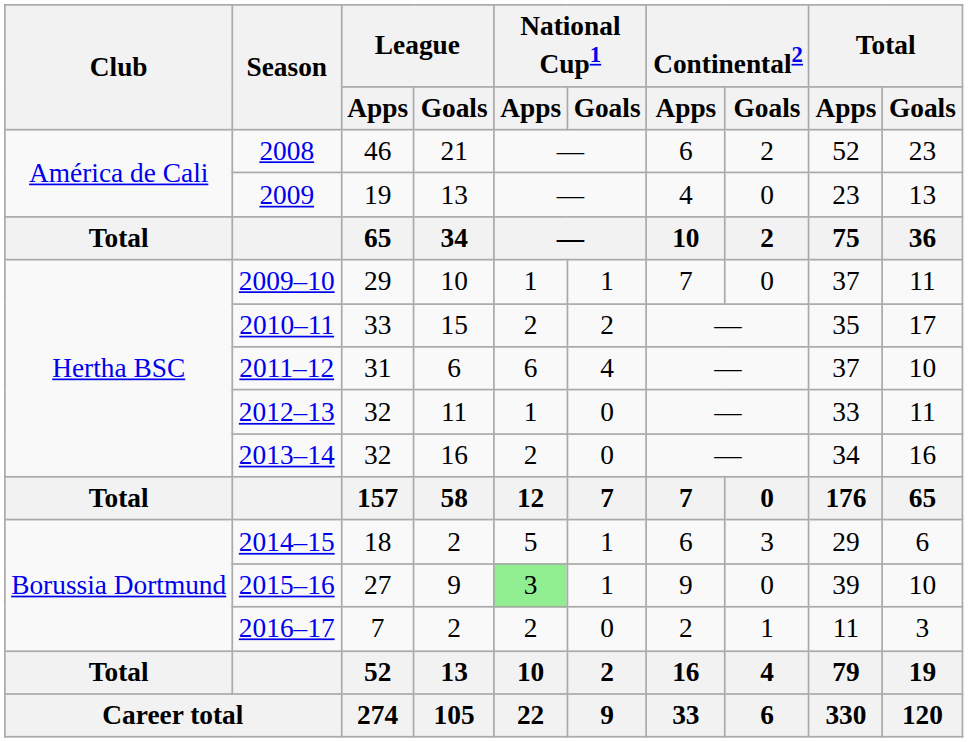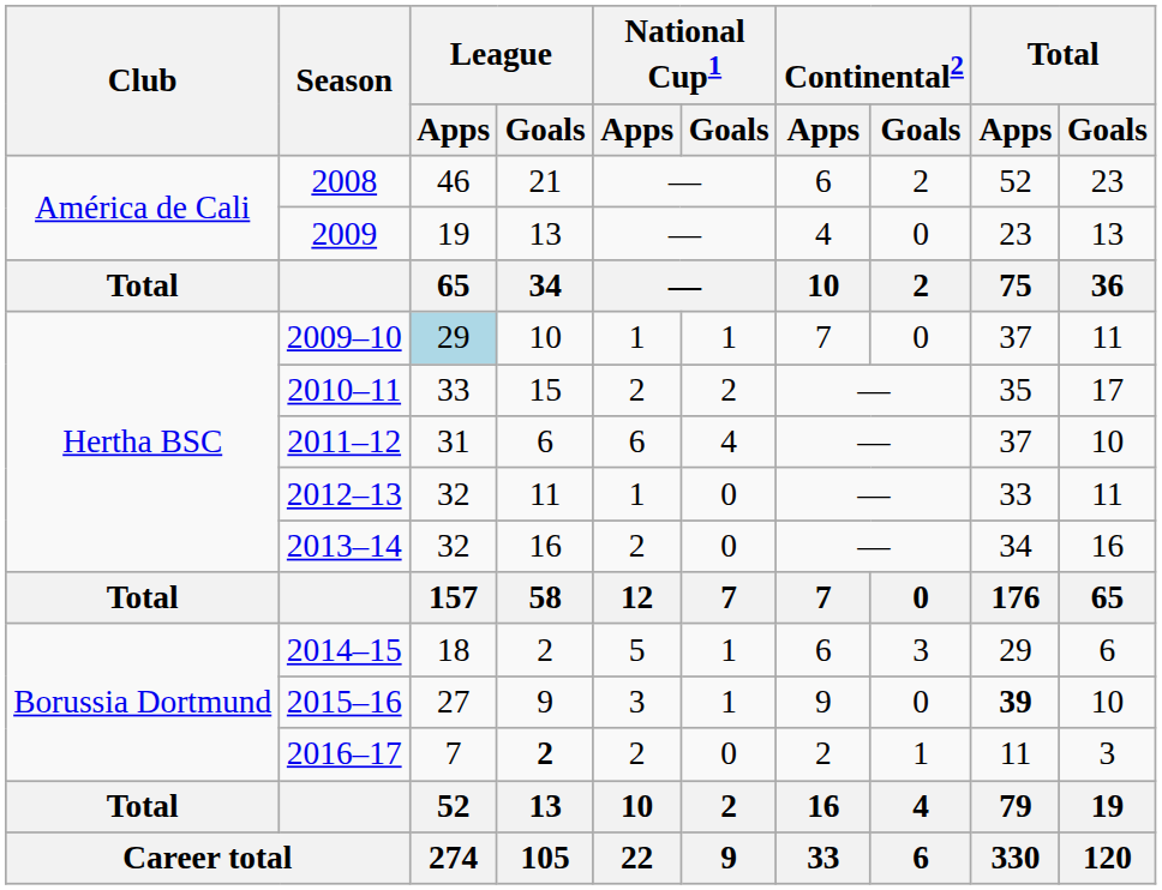 <table class="wikitable" style="text-align: center;">
 <tr>
 <th rowspan="2">Club</th>
 <th rowspan="2">Season</th>
 <th colspan="2">League</th>
 <th colspan="2">National<br>Cup<sup><strong><a href='#'>1</a></strong></sup></th>
 <th colspan="2"><br>Continental<sup><strong><a href='#'>2</a></strong></sup></th>
 <th colspan="2">Total</th>
 </tr>
 <tr>
 <th>Apps</th>
 <th>Goals</th>
 <th>Apps</th>
 <th>Goals</th>
 <th>Apps</th>
 <th>Goals</th>
 <th>Apps</th>
 <th>Goals</th>
 </tr>
 <tr>
 <td rowspan="2"><a href='#'>América de Cali</a></td>
 <td><a href='#'>2008</a></td>
 <td>46</td>
 <td>21</td>
 <td colspan="2">—</td>
 <td>6</td>
 <td>2</td>
 <td>52</td>
 <td>23</td>
 </tr>
 <tr>
 <td><a href='#'>2009</a></td>
 <td>19</td>
 <td>13</td>
 <td colspan="2">—</td>
 <td>4</td>
 <td>0</td>
 <td>23</td>
 <td>13</td>
 </tr>
 <tr>
 <th>Total</th>
 <th></th>
 <th>65</th>
 <th>34</th>
 <th colspan="2">—</th>
 <th>10</th>
 <th>2</th>
 <th>75</th>
 <th>36</th>
 </tr>
 <tr>
 <td rowspan="5"><a href='#'>Hertha BSC</a></td>
 <td><a href='#'>2009–10</a></td>
-<td>29</td>
+<td style="background: lightblue;">29</td>
 <td>10</td>
 <td>1</td>
 <td>1</td>
 <td>7</td>
 <td>0</td>
 <td>37</td>
 <td>11</td>
 </tr>
 <tr>
 <td><a href='#'>2010–11</a></td>
 <td>33</td>
 <td>15</td>
 <td>2</td>
 <td>2</td>
 <td colspan="2">—</td>
 <td>35</td>
 <td>17</td>
 </tr>
 <tr>
 <td><a href='#'>2011–12</a></td>
 <td>31</td>
 <td>6</td>
 <td>6</td>
 <td>4</td>
 <td colspan="2">—</td>
 <td>37</td>
 <td>10</td>
 </tr>
 <tr>
 <td><a href='#'>2012–13</a></td>
 <td>32</td>
 <td>11</td>
 <td>1</td>
 <td>0</td>
 <td colspan="2">—</td>
 <td>33</td>
 <td>11</td>
 </tr>
 <tr>
 <td><a href='#'>2013–14</a></td>
 <td>32</td>
 <td>16</td>
 <td>2</td>
 <td>0</td>
 <td colspan="2">—</td>
 <td>34</td>
 <td>16</td>
 </tr>
 <tr>
 <th>Total</th>
 <th></th>
 <th>157</th>
 <th>58</th>
 <th>12</th>
 <th>7</th>
 <th>7</th>
 <th>0</th>
 <th>176</th>
 <th>65</th>
 </tr>
 <tr>
 <td rowspan="3"><a href='#'>Borussia Dortmund</a></td>
 <td><a href='#'>2014–15</a></td>
 <td>18</td>
 <td>2</td>
 <td>5</td>
 <td>1</td>
 <td>6</td>
 <td>3</td>
 <td>29</td>
 <td>6</td>
 </tr>
 <tr>
 <td><a href='#'>2015–16</a></td>
 <td>27</td>
 <td>9</td>
-<td style="background: lightgreen;">3</td>
+<td>3</td>
 <td>1</td>
 <td>9</td>
 <td>0</td>
-<td>39</td>
+<td><strong>39</strong></td>
 <td>10</td>
 </tr>
 <tr>
 <td><a href='#'>2016–17</a></td>
 <td>7</td>
-<td>2</td>
+<td><strong>2</strong></td>
 <td>2</td>
 <td>0</td>
 <td>2</td>
 <td>1</td>
 <td>11</td>
 <td>3</td>
 </tr>
 <tr>
 <th>Total</th>
 <th></th>
 <th>52</th>
 <th>13</th>
 <th>10</th>
 <th>2</th>
 <th>16</th>
 <th>4</th>
 <th>79</th>
 <th>19</th>
 </tr>
 <tr>
 <th colspan="2">Career total</th>
 <th>274</th>
 <th>105</th>
 <th>22</th>
 <th>9</th>
 <th>33</th>
 <th>6</th>
 <th>330</th>
 <th>120</th>
 </tr>
 </table>
